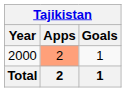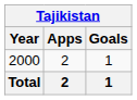 <table class="wikitable" style="text-align:center">
 <tr>
 <th colspan=3><a href='#'>Tajikistan</a></th>
 </tr>
 <tr>
 <th>Year</th>
 <th>Apps</th>
 <th>Goals</th>
 </tr>
 <tr>
 <td>2000</td>
-<td style="background: lightsalmon;">2</td>
+<td>2</td>
 <td>1</td>
 </tr>
 <tr>
 <th>Total</th>
 <th>2</th>
 <th>1</th>
 </tr>
 </table>
